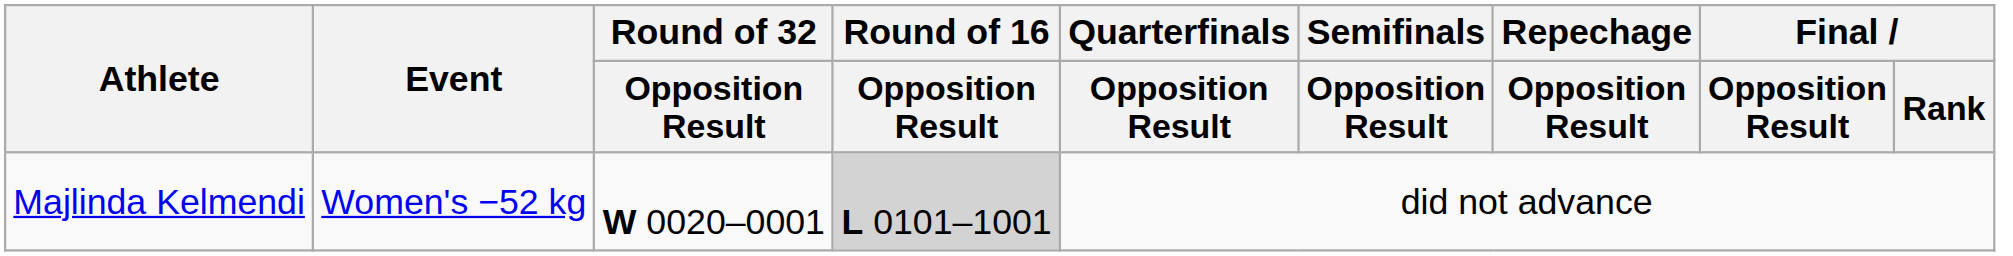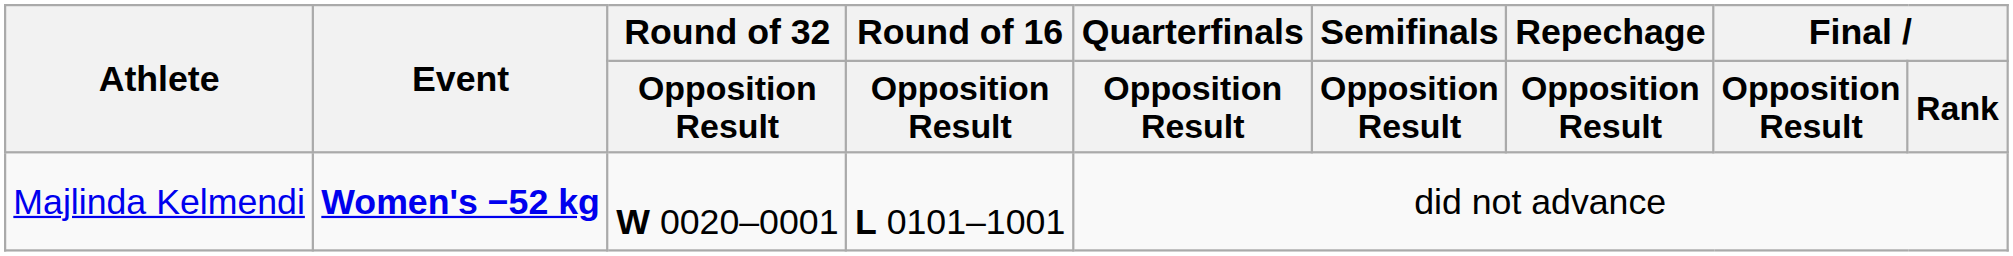 <table class="wikitable" style="font-size:100%">
 <tr>
 <th rowspan="2">Athlete</th>
 <th rowspan="2">Event</th>
 <th>Round of 32</th>
 <th>Round of 16</th>
 <th>Quarterfinals</th>
 <th>Semifinals</th>
 <th>Repechage</th>
 <th colspan=2>Final / </th>
 </tr>
 <tr style="font-size:95%">
 <th>Opposition<br>Result</th>
 <th>Opposition<br>Result</th>
 <th>Opposition<br>Result</th>
 <th>Opposition<br>Result</th>
 <th>Opposition<br>Result</th>
 <th>Opposition<br>Result</th>
 <th>Rank</th>
 </tr>
 <tr align=center>
 <td align=left><a href='#'>Majlinda Kelmendi</a></td>
-<td align=left><a href='#'>Women's −52 kg</a></td>
+<td align=left><strong><a href='#'>Women's −52 kg</a></strong></td>
 <td><br><strong>W</strong> 0020–0001</td>
-<td style="background: lightgrey;"><br><strong>L</strong> 0101–1001</td>
+<td><br><strong>L</strong> 0101–1001</td>
 <td colspan=5>did not advance</td>
 </tr>
 </table>
